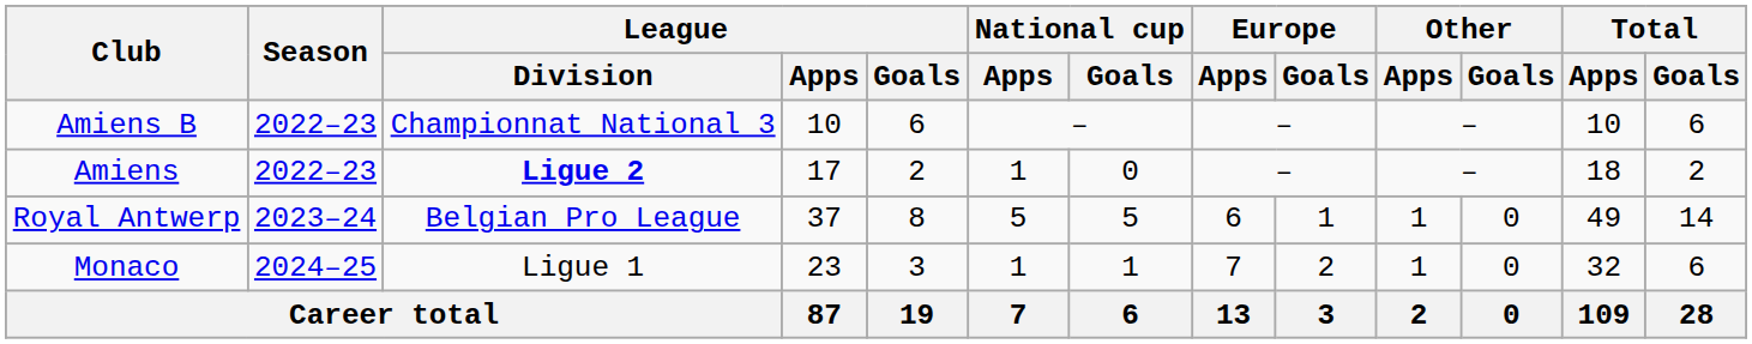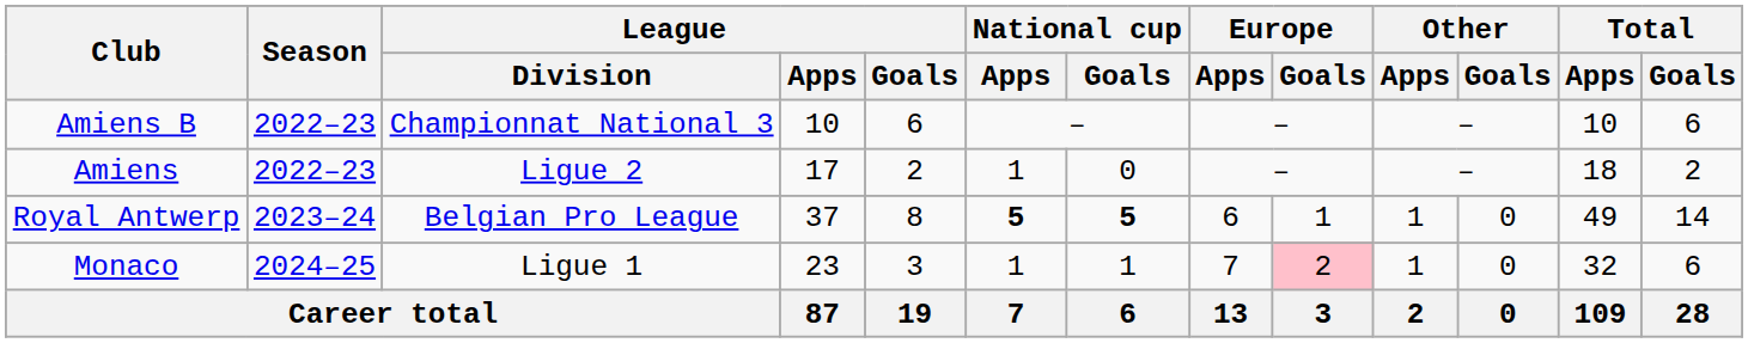 <table class="wikitable" style="text-align: center">
 <tr>
 <th rowspan="2">Club</th>
 <th rowspan="2">Season</th>
 <th colspan="3">League</th>
 <th colspan="2">National cup</th>
 <th colspan="2">Europe</th>
 <th colspan="2">Other</th>
 <th colspan="2">Total</th>
 </tr>
 <tr>
 <th>Division</th>
 <th>Apps</th>
 <th>Goals</th>
 <th>Apps</th>
 <th>Goals</th>
 <th>Apps</th>
 <th>Goals</th>
 <th>Apps</th>
 <th>Goals</th>
 <th>Apps</th>
 <th>Goals</th>
 </tr>
 <tr>
 <td><a href='#'>Amiens B</a></td>
 <td><a href='#'>2022–23</a></td>
 <td><a href='#'>Championnat National 3</a></td>
 <td>10</td>
 <td>6</td>
 <td colspan="2">–</td>
 <td colspan="2">–</td>
 <td colspan="2">–</td>
 <td>10</td>
 <td>6</td>
 </tr>
 <tr>
 <td><a href='#'>Amiens</a></td>
 <td><a href='#'>2022–23</a></td>
-<td><strong><a href='#'>Ligue 2</a></strong></td>
+<td><a href='#'>Ligue 2</a></td>
 <td>17</td>
 <td>2</td>
 <td>1</td>
 <td>0</td>
 <td colspan="2">–</td>
 <td colspan="2">–</td>
 <td>18</td>
 <td>2</td>
 </tr>
 <tr>
 <td><a href='#'>Royal Antwerp</a></td>
 <td><a href='#'>2023–24</a></td>
 <td><a href='#'>Belgian Pro League</a></td>
 <td>37</td>
 <td>8</td>
-<td>5</td>
-<td>5</td>
+<td><strong>5</strong></td>
+<td><strong>5</strong></td>
 <td>6</td>
 <td>1</td>
 <td>1</td>
 <td>0</td>
 <td>49</td>
 <td>14</td>
 </tr>
 <tr>
 <td><a href='#'>Monaco</a></td>
 <td><a href='#'>2024–25</a></td>
 <td>Ligue 1</td>
 <td>23</td>
 <td>3</td>
 <td>1</td>
 <td>1</td>
 <td>7</td>
-<td>2</td>
+<td style="background: pink;">2</td>
 <td>1</td>
 <td>0</td>
 <td>32</td>
 <td>6</td>
 </tr>
 <tr>
 <th colspan="3">Career total</th>
 <th>87</th>
 <th>19</th>
 <th>7</th>
 <th>6</th>
 <th>13</th>
 <th>3</th>
 <th>2</th>
 <th>0</th>
 <th>109</th>
 <th>28</th>
 </tr>
 </table>
